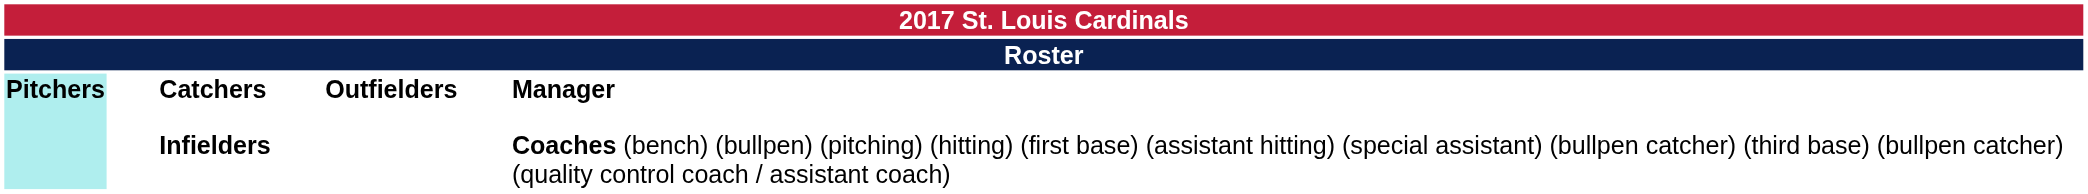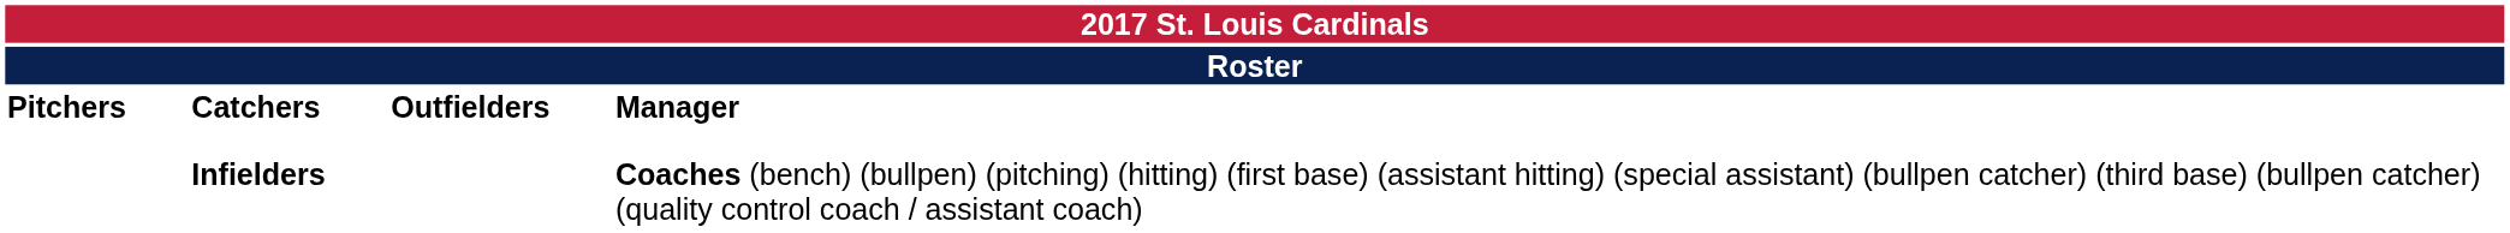 <table class="toccolours" style="font-size: 95%;">
 <tr>
 <th colspan="10" style="background:#c41e3a; color:#fff; text-align:center;">2017 St. Louis Cardinals</th>
 </tr>
 <tr>
 <td colspan="10" style="background:#0a2252; color:#fff; text-align:center;"><strong>Roster</strong></td>
 </tr>
 <tr>
-<td valign="top" style="background: paleturquoise;"><strong>Pitchers</strong><br>                       </td>
+<td valign="top"><strong>Pitchers</strong><br>                       </td>
 <td style="width:25px;"></td>
 <td valign="top"><strong>Catchers</strong><br>   <br><strong>Infielders</strong>            </td>
 <td style="width:25px;"></td>
 <td valign="top"><strong>Outfielders</strong><br>       </td>
 <td style="width:25px;"></td>
 <td valign="top"><strong>Manager</strong><br><br><strong>Coaches</strong>  (bench)  (bullpen)  (pitching)  (hitting)  (first base)  (assistant hitting)  (special assistant)  (bullpen catcher)  (third base)  (bullpen catcher)  (quality control coach / assistant coach)</td>
 </tr>
 </table>
